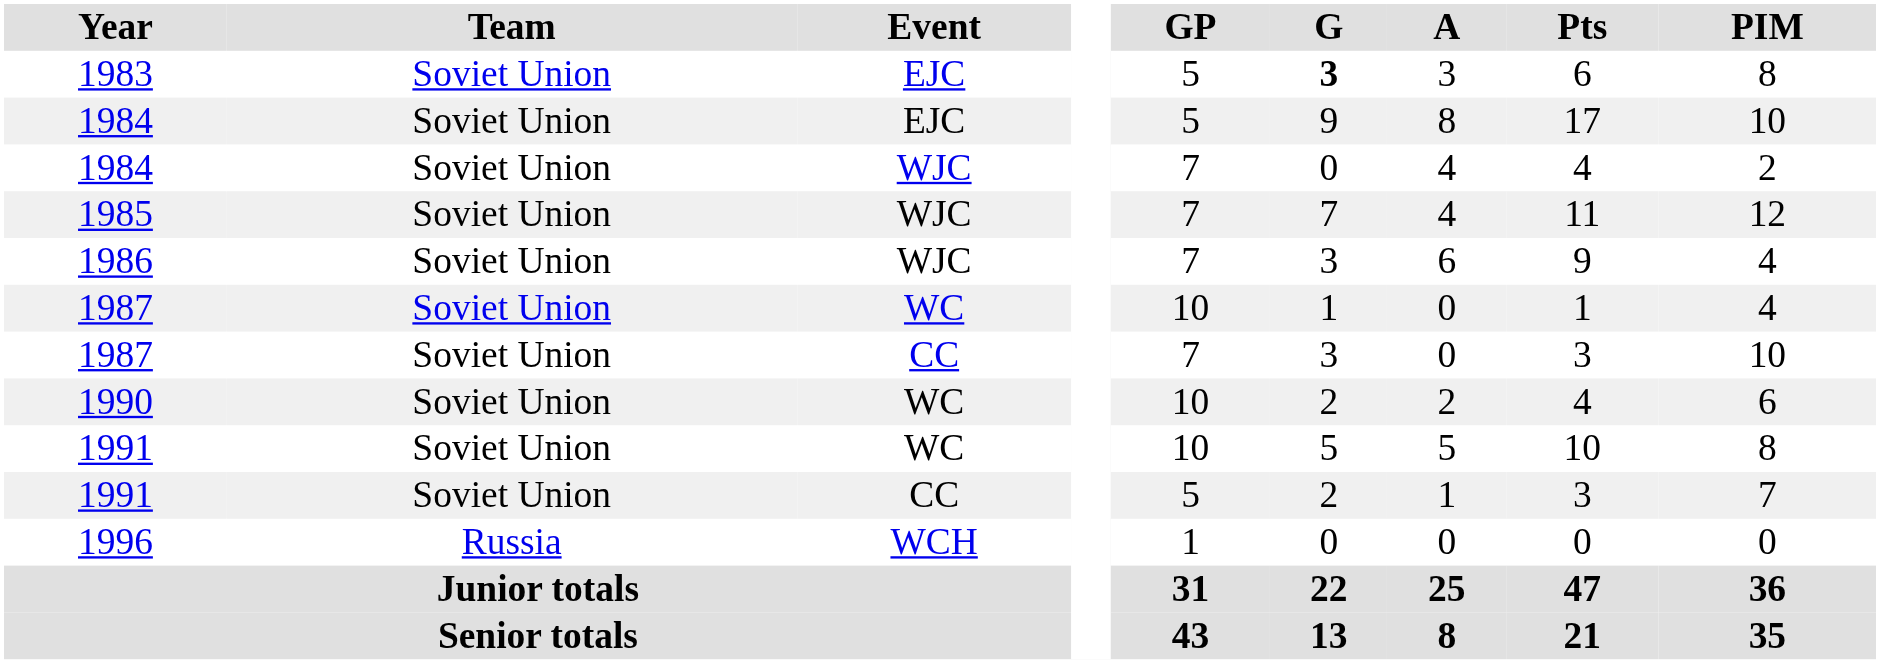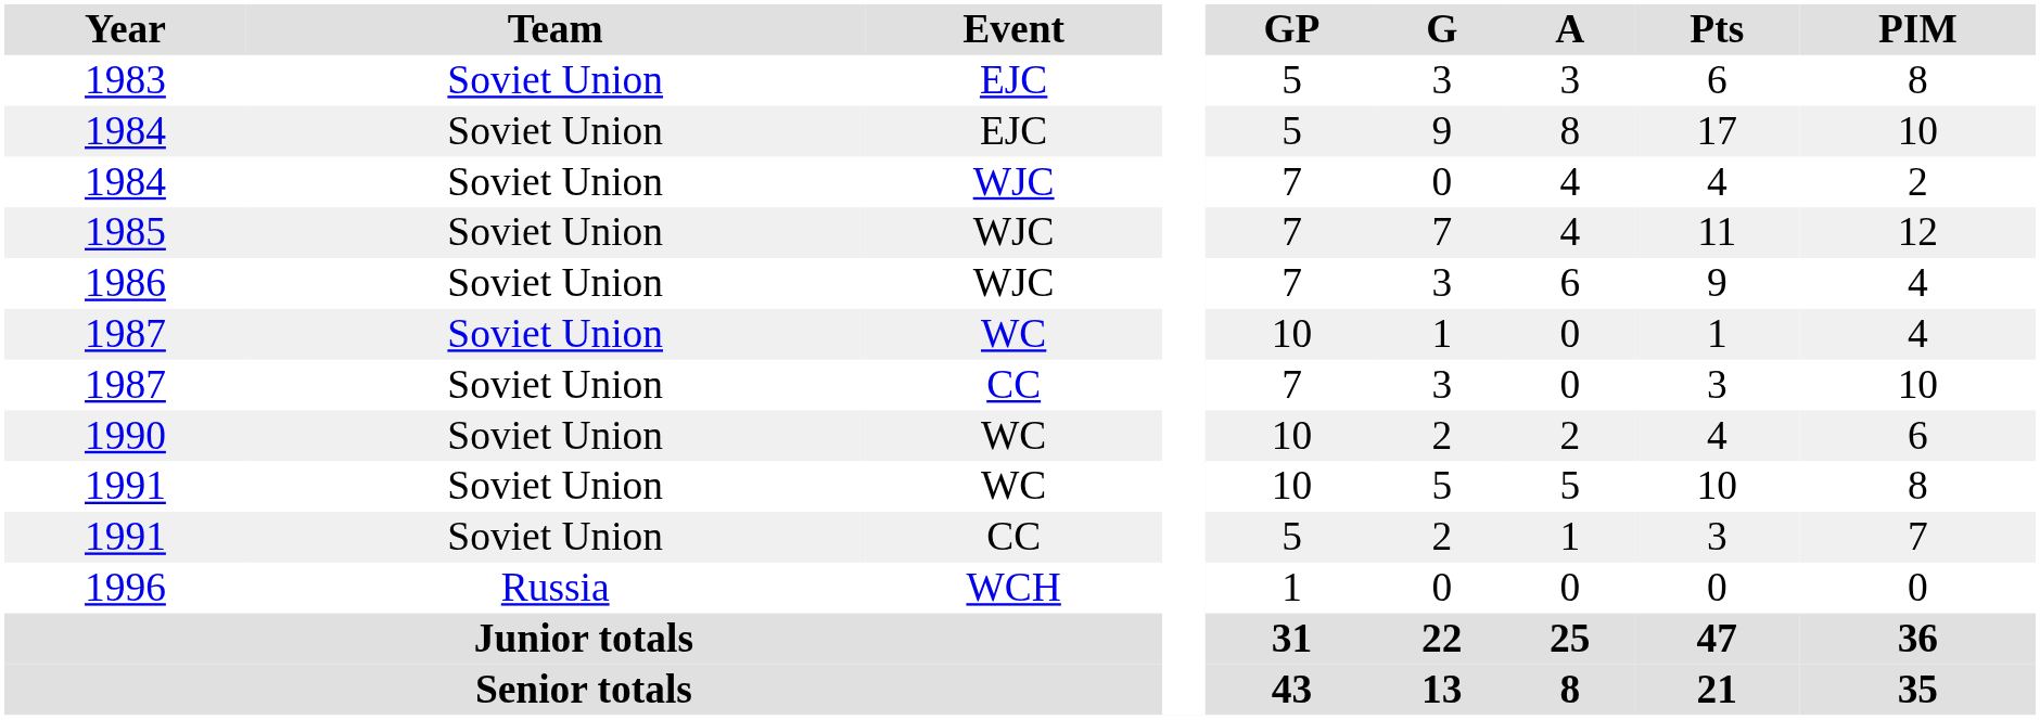 <table border="0" cellpadding="1" cellspacing="0" style="text-align:center; width:50em">
 <tr ALIGN="center" bgcolor="#e0e0e0">
 <th>Year</th>
 <th>Team</th>
 <th>Event</th>
 <th ALIGN="center" rowspan="99" bgcolor="#ffffff"> </th>
 <th>GP</th>
 <th>G</th>
 <th>A</th>
 <th>Pts</th>
 <th>PIM</th>
 </tr>
 <tr>
 <td><a href='#'>1983</a></td>
 <td><a href='#'>Soviet Union</a></td>
 <td><a href='#'>EJC</a></td>
 <td>5</td>
-<td><strong>3</strong></td>
+<td>3</td>
 <td>3</td>
 <td>6</td>
 <td>8</td>
 </tr>
 <tr bgcolor="#f0f0f0">
 <td><a href='#'>1984</a></td>
 <td>Soviet Union</td>
 <td>EJC</td>
 <td>5</td>
 <td>9</td>
 <td>8</td>
 <td>17</td>
 <td>10</td>
 </tr>
 <tr>
 <td><a href='#'>1984</a></td>
 <td>Soviet Union</td>
 <td><a href='#'>WJC</a></td>
 <td>7</td>
 <td>0</td>
 <td>4</td>
 <td>4</td>
 <td>2</td>
 </tr>
 <tr bgcolor="#f0f0f0">
 <td><a href='#'>1985</a></td>
 <td>Soviet Union</td>
 <td>WJC</td>
 <td>7</td>
 <td>7</td>
 <td>4</td>
 <td>11</td>
 <td>12</td>
 </tr>
 <tr>
 <td><a href='#'>1986</a></td>
 <td>Soviet Union</td>
 <td>WJC</td>
 <td>7</td>
 <td>3</td>
 <td>6</td>
 <td>9</td>
 <td>4</td>
 </tr>
 <tr bgcolor="#f0f0f0">
 <td><a href='#'>1987</a></td>
 <td><a href='#'>Soviet Union</a></td>
 <td><a href='#'>WC</a></td>
 <td>10</td>
 <td>1</td>
 <td>0</td>
 <td>1</td>
 <td>4</td>
 </tr>
 <tr>
 <td><a href='#'>1987</a></td>
 <td>Soviet Union</td>
 <td><a href='#'>CC</a></td>
 <td>7</td>
 <td>3</td>
 <td>0</td>
 <td>3</td>
 <td>10</td>
 </tr>
 <tr bgcolor="#f0f0f0">
 <td><a href='#'>1990</a></td>
 <td>Soviet Union</td>
 <td>WC</td>
 <td>10</td>
 <td>2</td>
 <td>2</td>
 <td>4</td>
 <td>6</td>
 </tr>
 <tr>
 <td><a href='#'>1991</a></td>
 <td>Soviet Union</td>
 <td>WC</td>
 <td>10</td>
 <td>5</td>
 <td>5</td>
 <td>10</td>
 <td>8</td>
 </tr>
 <tr bgcolor="#f0f0f0">
 <td><a href='#'>1991</a></td>
 <td>Soviet Union</td>
 <td>CC</td>
 <td>5</td>
 <td>2</td>
 <td>1</td>
 <td>3</td>
 <td>7</td>
 </tr>
 <tr>
 <td><a href='#'>1996</a></td>
 <td><a href='#'>Russia</a></td>
 <td><a href='#'>WCH</a></td>
 <td>1</td>
 <td>0</td>
 <td>0</td>
 <td>0</td>
 <td>0</td>
 </tr>
 <tr bgcolor="#e0e0e0">
 <th colspan=3>Junior totals</th>
 <th>31</th>
 <th>22</th>
 <th>25</th>
 <th>47</th>
 <th>36</th>
 </tr>
 <tr bgcolor="#e0e0e0">
 <th colspan=3>Senior totals</th>
 <th>43</th>
 <th>13</th>
 <th>8</th>
 <th>21</th>
 <th>35</th>
 </tr>
 </table>
